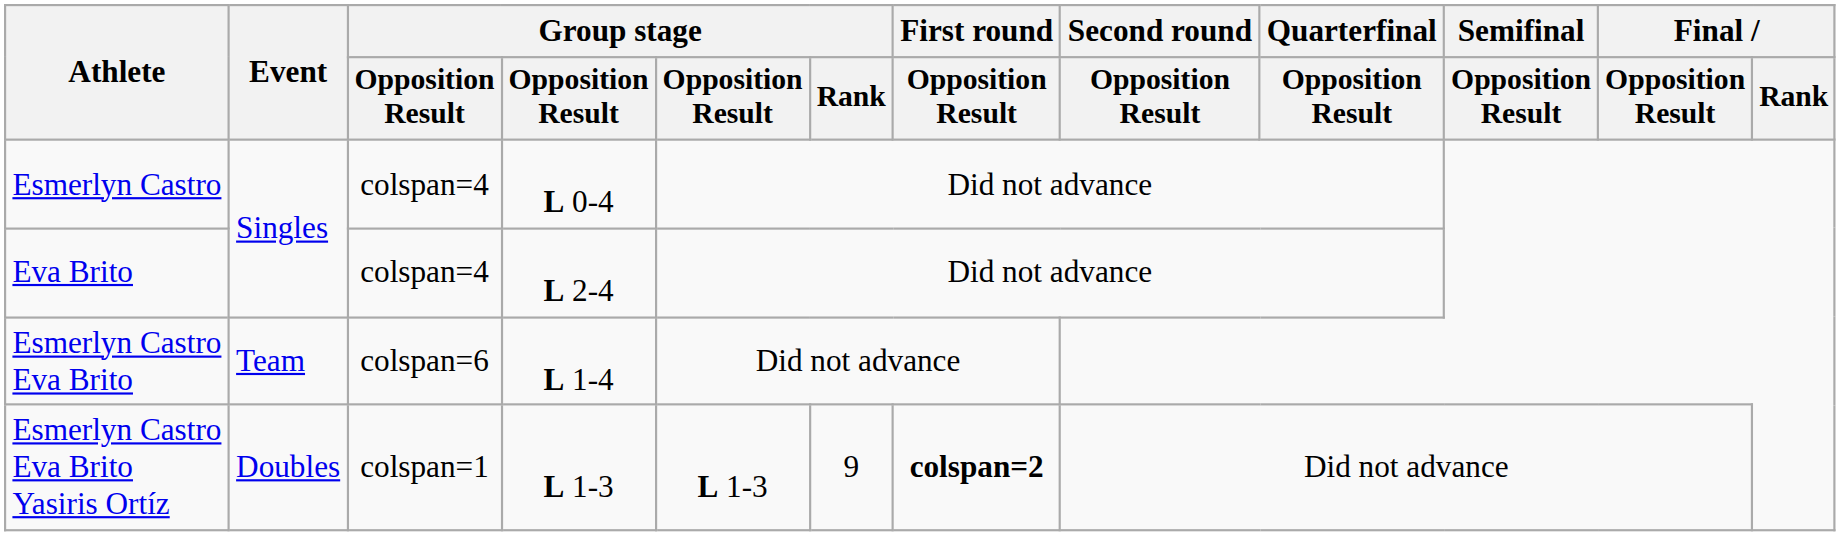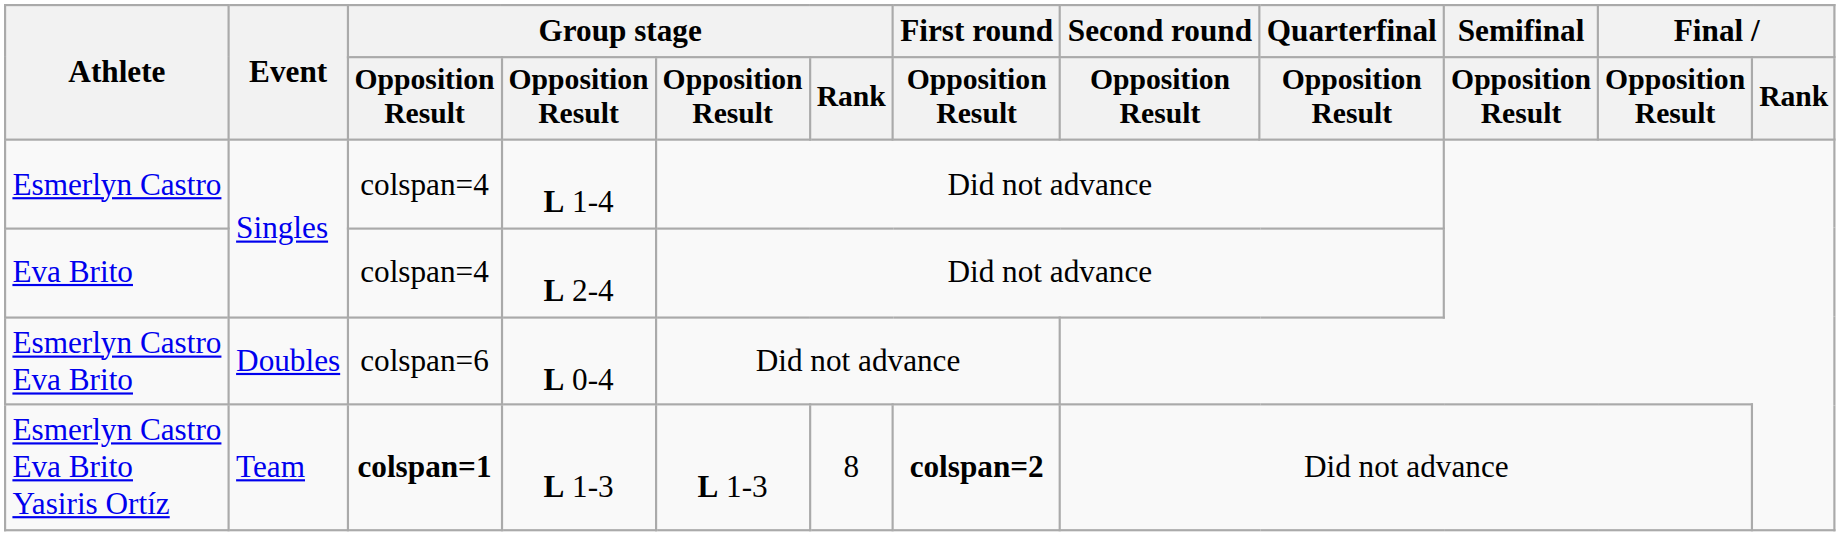 <table class=wikitable style=font-size:90%;text-align:center>
 <tr>
 <th rowspan=2>Athlete</th>
 <th rowspan=2>Event</th>
 <th colspan=4>Group stage</th>
 <th>First round</th>
 <th>Second round</th>
 <th>Quarterfinal</th>
 <th>Semifinal</th>
 <th colspan=2>Final / </th>
 </tr>
 <tr style=font-size:95%>
 <th>Opposition<br>Result</th>
 <th>Opposition<br>Result</th>
 <th>Opposition<br>Result</th>
 <th>Rank</th>
 <th>Opposition<br>Result</th>
 <th>Opposition<br>Result</th>
 <th>Opposition<br>Result</th>
 <th>Opposition<br>Result</th>
 <th>Opposition<br>Result</th>
 <th>Rank</th>
 </tr>
 <tr>
 <td align=left><a href='#'>Esmerlyn Castro</a></td>
 <td align=left rowspan=2><a href='#'>Singles</a></td>
 <td>colspan=4 </td>
-<td><br><strong>L</strong> 0-4</td>
+<td><br><strong>L</strong> 1-4</td>
 <td colspan=5>Did not advance</td>
 </tr>
 <tr>
 <td align=left><a href='#'>Eva Brito</a></td>
 <td>colspan=4 </td>
 <td><br><strong>L</strong> 2-4</td>
 <td colspan=5>Did not advance</td>
 </tr>
 <tr>
 <td align=left><a href='#'>Esmerlyn Castro</a><br><a href='#'>Eva Brito</a></td>
-<td align=left><a href='#'>Team</a></td>
+<td align=left><a href='#'>Doubles</a></td>
 <td>colspan=6 </td>
-<td><br><strong>L</strong> 1-4</td>
+<td><br><strong>L</strong> 0-4</td>
 <td colspan=3>Did not advance</td>
 </tr>
 <tr>
 <td align=left><a href='#'>Esmerlyn Castro</a><br><a href='#'>Eva Brito</a><br><a href='#'>Yasiris Ortíz</a></td>
-<td align=left><a href='#'>Doubles</a></td>
-<td>colspan=1 </td>
+<td align=left><a href='#'>Team</a></td>
+<td><strong>colspan=1 </strong></td>
 <td><br><strong>L</strong> 1-3</td>
 <td><br><strong>L</strong> 1-3</td>
-<td>9</td>
+<td>8</td>
 <td><strong>colspan=2 </strong></td>
 <td colspan=4>Did not advance</td>
 </tr>
 </table>
